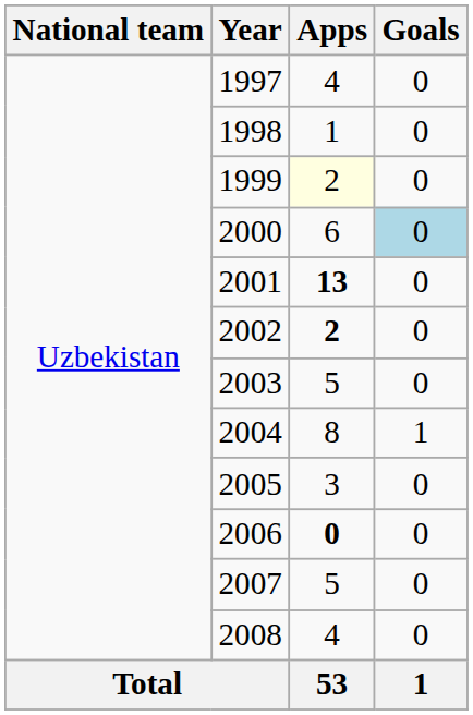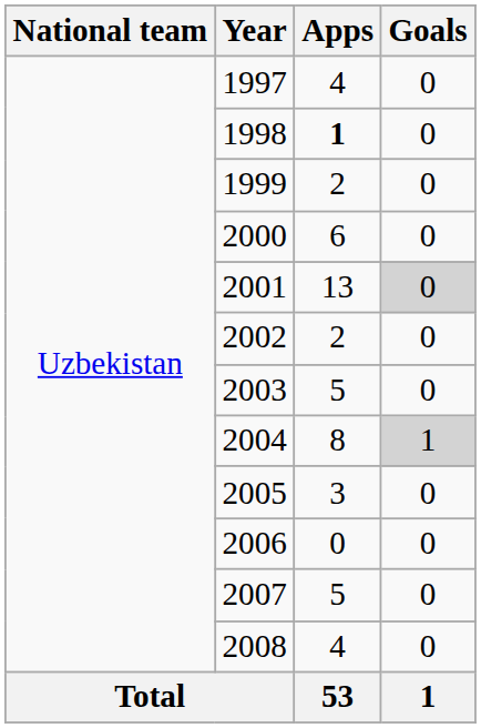 <table class="wikitable" style="text-align:center">
 <tr>
 <th>National team</th>
 <th>Year</th>
 <th>Apps</th>
 <th>Goals</th>
 </tr>
 <tr>
 <td rowspan="12"><a href='#'>Uzbekistan</a></td>
 <td>1997</td>
 <td>4</td>
 <td>0</td>
 </tr>
 <tr>
 <td>1998</td>
-<td>1</td>
+<td><strong>1</strong></td>
 <td>0</td>
 </tr>
 <tr>
 <td>1999</td>
-<td style="background: lightyellow;">2</td>
+<td>2</td>
 <td>0</td>
 </tr>
 <tr>
 <td>2000</td>
 <td>6</td>
-<td style="background: lightblue;">0</td>
+<td>0</td>
 </tr>
 <tr>
 <td>2001</td>
-<td><strong>13</strong></td>
-<td>0</td>
+<td>13</td>
+<td style="background: lightgrey;">0</td>
 </tr>
 <tr>
 <td>2002</td>
-<td><strong>2</strong></td>
+<td>2</td>
 <td>0</td>
 </tr>
 <tr>
 <td>2003</td>
 <td>5</td>
 <td>0</td>
 </tr>
 <tr>
 <td>2004</td>
 <td>8</td>
-<td>1</td>
+<td style="background: lightgrey;">1</td>
 </tr>
 <tr>
 <td>2005</td>
 <td>3</td>
 <td>0</td>
 </tr>
 <tr>
 <td>2006</td>
-<td><strong>0</strong></td>
+<td>0</td>
 <td>0</td>
 </tr>
 <tr>
 <td>2007</td>
 <td>5</td>
 <td>0</td>
 </tr>
 <tr>
 <td>2008</td>
 <td>4</td>
 <td>0</td>
 </tr>
 <tr>
 <th colspan="2">Total</th>
 <th>53</th>
 <th>1</th>
 </tr>
 </table>
